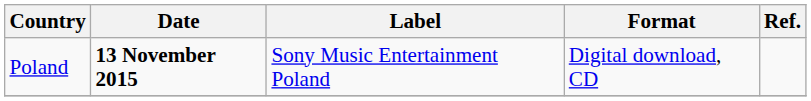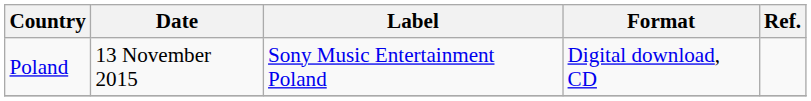 <table class="sortable wikitable">
 <tr>
 <th scope="col">Country</th>
 <th scope="col">Date</th>
 <th scope="col">Label</th>
 <th scope="col">Format</th>
 <th scope="col">Ref.</th>
 </tr>
 <tr>
 <td><a href='#'>Poland</a></td>
-<td><strong>13 November 2015</strong></td>
+<td>13 November 2015</td>
 <td><a href='#'>Sony Music Entertainment Poland</a></td>
 <td><a href='#'>Digital download</a>, <a href='#'>CD</a></td>
 <td align="center"></td>
 </tr>
 <tr>
 </tr>
 </table>
